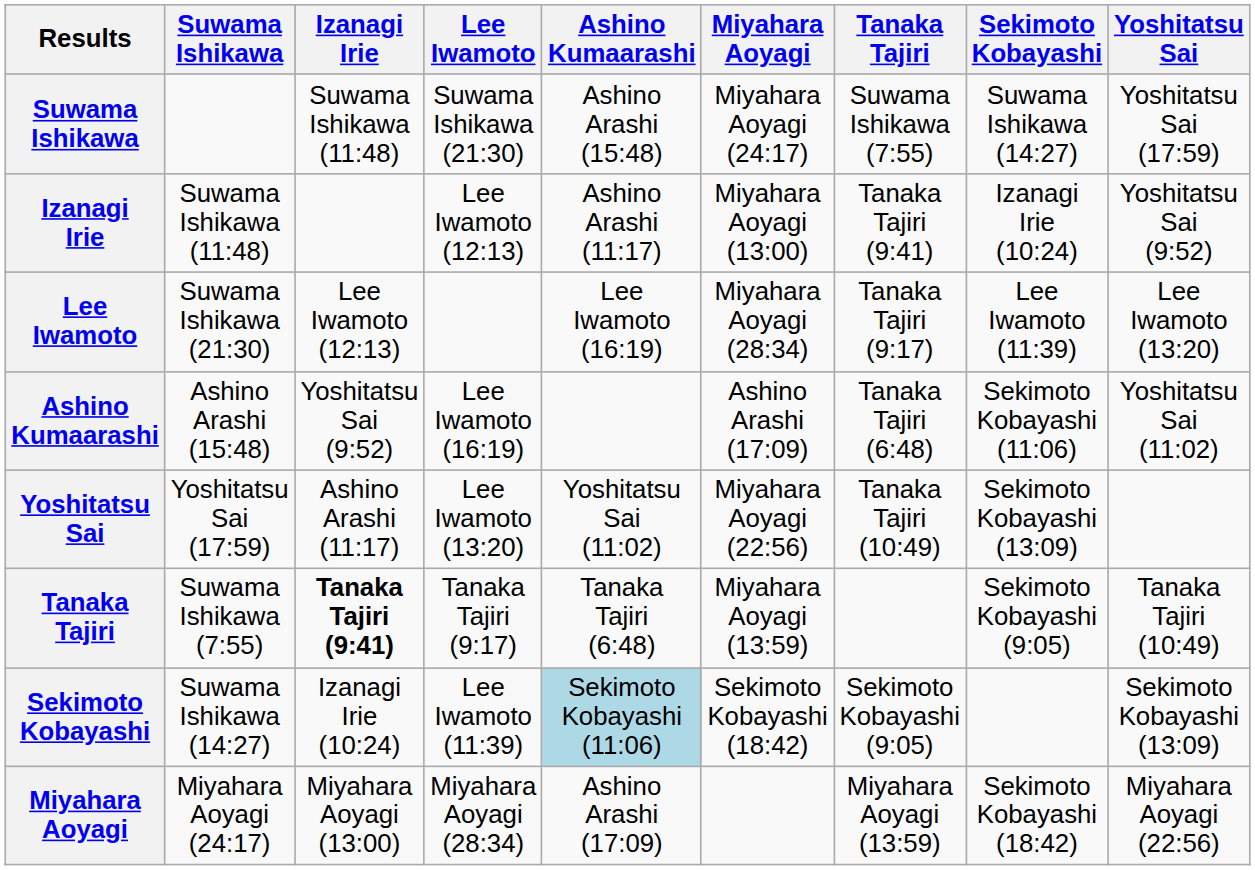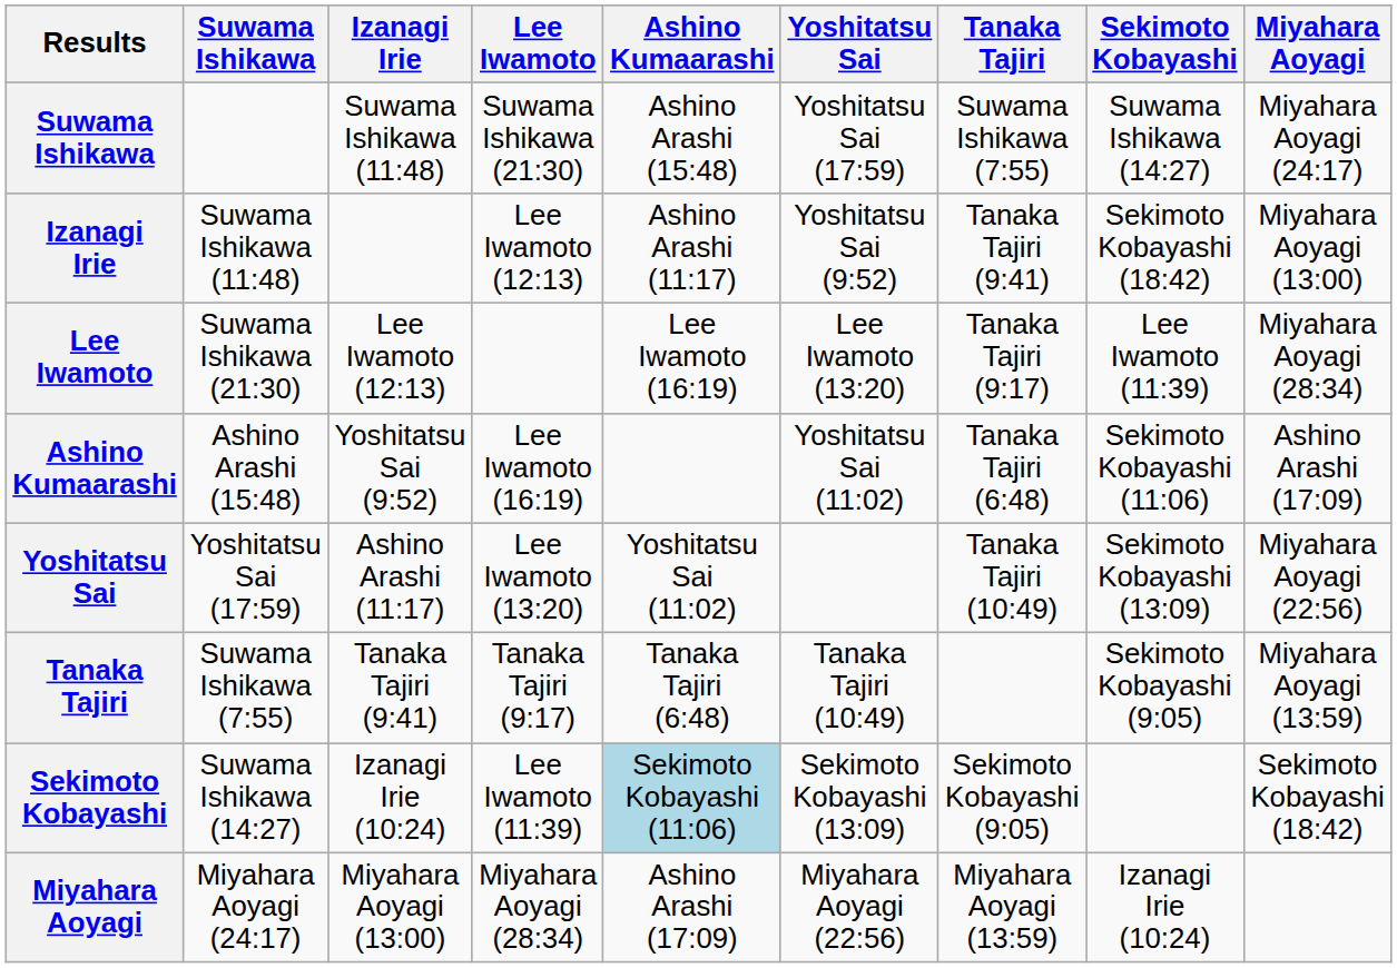 <table class="wikitable" style="text-align:center; margin: 1em auto 1em auto">
 <tr align="center">
 <th>Results</th>
 <th><a href='#'>Suwama</a><br><a href='#'>Ishikawa</a></th>
 <th><a href='#'>Izanagi</a><br><a href='#'>Irie</a></th>
 <th><a href='#'>Lee</a><br><a href='#'>Iwamoto</a></th>
 <th><a href='#'>Ashino</a><br><a href='#'>Kumaarashi</a></th>
-<th><a href='#'>Miyahara</a><br><a href='#'>Aoyagi</a></th>
+<th><a href='#'>Yoshitatsu</a><br><a href='#'>Sai</a></th>
 <th><a href='#'>Tanaka</a><br><a href='#'>Tajiri</a></th>
 <th><a href='#'>Sekimoto</a><br><a href='#'>Kobayashi</a></th>
-<th><a href='#'>Yoshitatsu</a><br><a href='#'>Sai</a></th>
+<th><a href='#'>Miyahara</a><br><a href='#'>Aoyagi</a></th>
 </tr>
 <tr>
 <th><a href='#'>Suwama</a><br><a href='#'>Ishikawa</a></th>
 <td></td>
 <td>Suwama<br>Ishikawa<br>(11:48)</td>
 <td>Suwama<br>Ishikawa<br>(21:30)</td>
 <td>Ashino<br>Arashi<br>(15:48)</td>
-<td>Miyahara<br>Aoyagi<br>(24:17)</td>
+<td>Yoshitatsu<br>Sai<br>(17:59)</td>
 <td>Suwama<br>Ishikawa<br>(7:55)</td>
 <td>Suwama<br>Ishikawa<br>(14:27)</td>
-<td>Yoshitatsu<br>Sai<br>(17:59)</td>
+<td>Miyahara<br>Aoyagi<br>(24:17)</td>
 </tr>
 <tr>
 <th><a href='#'>Izanagi</a><br><a href='#'>Irie</a></th>
 <td>Suwama<br>Ishikawa<br>(11:48)</td>
 <td></td>
 <td>Lee<br>Iwamoto<br>(12:13)</td>
 <td>Ashino<br>Arashi<br>(11:17)</td>
+<td>Yoshitatsu<br>Sai<br>(9:52)</td>
+<td>Tanaka<br>Tajiri<br>(9:41)</td>
+<td>Sekimoto<br>Kobayashi<br>(18:42)</td>
 <td>Miyahara<br>Aoyagi<br>(13:00)</td>
-<td>Tanaka<br>Tajiri<br>(9:41)</td>
-<td>Izanagi<br>Irie<br>(10:24)</td>
-<td>Yoshitatsu<br>Sai<br>(9:52)</td>
 </tr>
 <tr>
 <th><a href='#'>Lee</a><br><a href='#'>Iwamoto</a></th>
 <td>Suwama<br>Ishikawa<br>(21:30)</td>
 <td>Lee<br>Iwamoto<br>(12:13)</td>
 <td></td>
 <td>Lee<br>Iwamoto<br>(16:19)</td>
-<td>Miyahara<br>Aoyagi<br>(28:34)</td>
+<td>Lee<br>Iwamoto<br>(13:20)</td>
 <td>Tanaka<br>Tajiri<br>(9:17)</td>
 <td>Lee<br>Iwamoto<br>(11:39)</td>
-<td>Lee<br>Iwamoto<br>(13:20)</td>
+<td>Miyahara<br>Aoyagi<br>(28:34)</td>
 </tr>
 <tr>
 <th><a href='#'>Ashino</a><br><a href='#'>Kumaarashi</a></th>
 <td>Ashino<br>Arashi<br>(15:48)</td>
 <td>Yoshitatsu<br>Sai<br>(9:52)</td>
 <td>Lee<br>Iwamoto<br>(16:19)</td>
 <td></td>
-<td>Ashino<br>Arashi<br>(17:09)</td>
+<td>Yoshitatsu<br>Sai<br>(11:02)</td>
 <td>Tanaka<br>Tajiri<br>(6:48)</td>
 <td>Sekimoto<br>Kobayashi<br>(11:06)</td>
-<td>Yoshitatsu<br>Sai<br>(11:02)</td>
+<td>Ashino<br>Arashi<br>(17:09)</td>
 </tr>
 <tr>
 <th><a href='#'>Yoshitatsu</a><br><a href='#'>Sai</a></th>
 <td>Yoshitatsu<br>Sai<br>(17:59)</td>
 <td>Ashino<br>Arashi<br>(11:17)</td>
 <td>Lee<br>Iwamoto<br>(13:20)</td>
 <td>Yoshitatsu<br>Sai<br>(11:02)</td>
-<td>Miyahara<br>Aoyagi<br>(22:56)</td>
+<td></td>
 <td>Tanaka<br>Tajiri<br>(10:49)</td>
 <td>Sekimoto<br>Kobayashi<br>(13:09)</td>
-<td></td>
+<td>Miyahara<br>Aoyagi<br>(22:56)</td>
 </tr>
 <tr>
 <th><a href='#'>Tanaka</a><br><a href='#'>Tajiri</a></th>
 <td>Suwama<br>Ishikawa<br>(7:55)</td>
-<td><strong>Tanaka<br>Tajiri<br>(9:41)</strong></td>
+<td>Tanaka<br>Tajiri<br>(9:41)</td>
 <td>Tanaka<br>Tajiri<br>(9:17)</td>
 <td>Tanaka<br>Tajiri<br>(6:48)</td>
-<td>Miyahara<br>Aoyagi<br>(13:59)</td>
+<td>Tanaka<br>Tajiri<br>(10:49)</td>
 <td></td>
 <td>Sekimoto<br>Kobayashi<br>(9:05)</td>
-<td>Tanaka<br>Tajiri<br>(10:49)</td>
+<td>Miyahara<br>Aoyagi<br>(13:59)</td>
 </tr>
 <tr>
 <th><a href='#'>Sekimoto</a><br><a href='#'>Kobayashi</a></th>
 <td>Suwama<br>Ishikawa<br>(14:27)</td>
 <td>Izanagi<br>Irie<br>(10:24)</td>
 <td>Lee<br>Iwamoto<br>(11:39)</td>
 <td style="background: lightblue;">Sekimoto<br>Kobayashi<br>(11:06)</td>
-<td>Sekimoto<br>Kobayashi<br>(18:42)</td>
+<td>Sekimoto<br>Kobayashi<br>(13:09)</td>
 <td>Sekimoto<br>Kobayashi<br>(9:05)</td>
 <td></td>
-<td>Sekimoto<br>Kobayashi<br>(13:09)</td>
+<td>Sekimoto<br>Kobayashi<br>(18:42)</td>
 </tr>
 <tr>
 <th><a href='#'>Miyahara</a><br><a href='#'>Aoyagi</a></th>
 <td>Miyahara<br>Aoyagi<br>(24:17)</td>
 <td>Miyahara<br>Aoyagi<br>(13:00)</td>
 <td>Miyahara<br>Aoyagi<br>(28:34)</td>
 <td>Ashino<br>Arashi<br>(17:09)</td>
+<td>Miyahara<br>Aoyagi<br>(22:56)</td>
+<td>Miyahara<br>Aoyagi<br>(13:59)</td>
+<td>Izanagi<br>Irie<br>(10:24)</td>
 <td></td>
-<td>Miyahara<br>Aoyagi<br>(13:59)</td>
-<td>Sekimoto<br>Kobayashi<br>(18:42)</td>
-<td>Miyahara<br>Aoyagi<br>(22:56)</td>
 </tr>
 </table>
